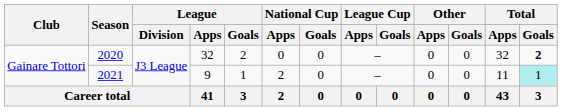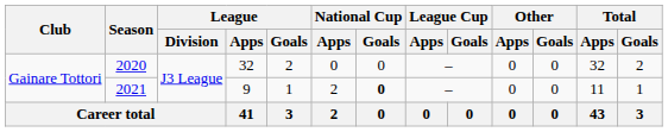 <table class="wikitable" style="text-align: center">
 <tr>
 <th rowspan="2">Club</th>
 <th rowspan="2">Season</th>
 <th colspan="3">League</th>
 <th colspan="2">National Cup</th>
 <th colspan="2">League Cup</th>
 <th colspan="2">Other</th>
 <th colspan="2">Total</th>
 </tr>
 <tr>
 <th>Division</th>
 <th>Apps</th>
 <th>Goals</th>
 <th>Apps</th>
 <th>Goals</th>
 <th>Apps</th>
 <th>Goals</th>
 <th>Apps</th>
 <th>Goals</th>
 <th>Apps</th>
 <th>Goals</th>
 </tr>
 <tr>
 <td rowspan="2"><a href='#'>Gainare Tottori</a></td>
 <td><a href='#'>2020</a></td>
 <td rowspan="2"><a href='#'>J3 League</a></td>
 <td>32</td>
 <td>2</td>
 <td>0</td>
 <td>0</td>
 <td colspan="2">–</td>
 <td>0</td>
 <td>0</td>
 <td>32</td>
-<td><strong>2</strong></td>
+<td>2</td>
 </tr>
 <tr>
 <td><a href='#'>2021</a></td>
 <td>9</td>
 <td>1</td>
 <td>2</td>
-<td>0</td>
+<td><strong>0</strong></td>
 <td colspan="2">–</td>
 <td>0</td>
 <td>0</td>
 <td>11</td>
-<td style="background: paleturquoise;">1</td>
+<td>1</td>
 </tr>
 <tr>
 <th colspan=3>Career total</th>
 <th>41</th>
 <th>3</th>
 <th>2</th>
 <th>0</th>
 <th>0</th>
 <th>0</th>
 <th>0</th>
 <th>0</th>
 <th>43</th>
 <th>3</th>
 </tr>
 </table>
